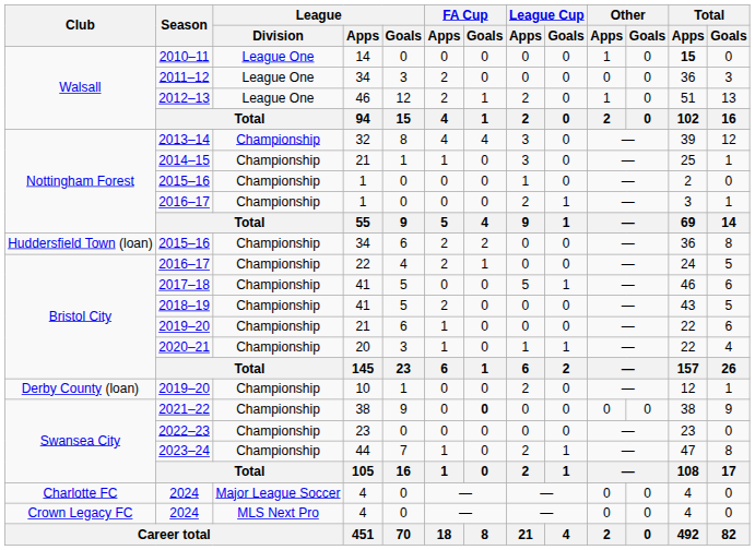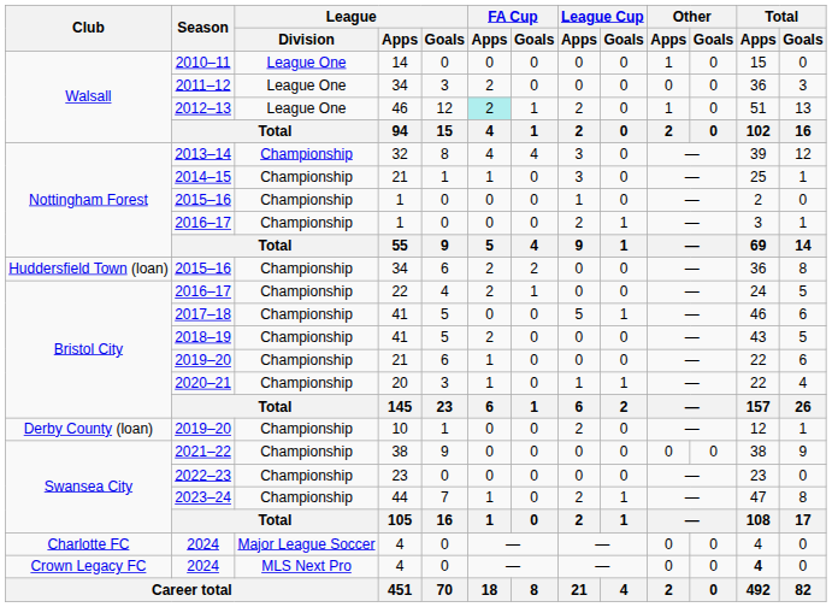 <table class=wikitable style="text-align:center">
 <tr>
 <th rowspan=2>Club</th>
 <th rowspan=2>Season</th>
 <th colspan=3>League</th>
 <th colspan=2><a href='#'>FA Cup</a></th>
 <th colspan=2><a href='#'>League Cup</a></th>
 <th colspan=2>Other</th>
 <th colspan=2>Total</th>
 </tr>
 <tr>
 <th>Division</th>
 <th>Apps</th>
 <th>Goals</th>
 <th>Apps</th>
 <th>Goals</th>
 <th>Apps</th>
 <th>Goals</th>
 <th>Apps</th>
 <th>Goals</th>
 <th>Apps</th>
 <th>Goals</th>
 </tr>
 <tr>
 <td rowspan="4"><a href='#'>Walsall</a></td>
 <td><a href='#'>2010–11</a></td>
 <td><a href='#'>League One</a></td>
 <td>14</td>
 <td>0</td>
 <td>0</td>
 <td>0</td>
 <td>0</td>
 <td>0</td>
 <td>1</td>
 <td>0</td>
-<td><strong>15</strong></td>
+<td>15</td>
 <td>0</td>
 </tr>
 <tr>
 <td><a href='#'>2011–12</a></td>
 <td>League One</td>
 <td>34</td>
 <td>3</td>
 <td>2</td>
 <td>0</td>
 <td>0</td>
 <td>0</td>
 <td>0</td>
 <td>0</td>
 <td>36</td>
 <td>3</td>
 </tr>
 <tr>
 <td><a href='#'>2012–13</a></td>
 <td>League One</td>
 <td>46</td>
 <td>12</td>
-<td>2</td>
+<td style="background: paleturquoise;">2</td>
 <td>1</td>
 <td>2</td>
 <td>0</td>
 <td>1</td>
 <td>0</td>
 <td>51</td>
 <td>13</td>
 </tr>
 <tr>
 <th colspan="2">Total</th>
 <th>94</th>
 <th>15</th>
 <th>4</th>
 <th>1</th>
 <th>2</th>
 <th>0</th>
 <th>2</th>
 <th>0</th>
 <th>102</th>
 <th>16</th>
 </tr>
 <tr>
 <td rowspan="5"><a href='#'>Nottingham Forest</a></td>
 <td><a href='#'>2013–14</a></td>
 <td><a href='#'>Championship</a></td>
 <td>32</td>
 <td>8</td>
 <td>4</td>
 <td>4</td>
 <td>3</td>
 <td>0</td>
 <td colspan="2">—</td>
 <td>39</td>
 <td>12</td>
 </tr>
 <tr>
 <td><a href='#'>2014–15</a></td>
 <td>Championship</td>
 <td>21</td>
 <td>1</td>
 <td>1</td>
 <td>0</td>
 <td>3</td>
 <td>0</td>
 <td colspan="2">—</td>
 <td>25</td>
 <td>1</td>
 </tr>
 <tr>
 <td><a href='#'>2015–16</a></td>
 <td>Championship</td>
 <td>1</td>
 <td>0</td>
 <td>0</td>
 <td>0</td>
 <td>1</td>
 <td>0</td>
 <td colspan="2">—</td>
 <td>2</td>
 <td>0</td>
 </tr>
 <tr>
 <td><a href='#'>2016–17</a></td>
 <td>Championship</td>
 <td>1</td>
 <td>0</td>
 <td>0</td>
 <td>0</td>
 <td>2</td>
 <td>1</td>
 <td colspan="2">—</td>
 <td>3</td>
 <td>1</td>
 </tr>
 <tr>
 <th colspan="2">Total</th>
 <th>55</th>
 <th>9</th>
 <th>5</th>
 <th>4</th>
 <th>9</th>
 <th>1</th>
 <th colspan="2">—</th>
 <th>69</th>
 <th>14</th>
 </tr>
 <tr>
 <td><a href='#'>Huddersfield Town</a> (loan)</td>
 <td><a href='#'>2015–16</a></td>
 <td>Championship</td>
 <td>34</td>
 <td>6</td>
 <td>2</td>
 <td>2</td>
 <td>0</td>
 <td>0</td>
 <td colspan="2">—</td>
 <td>36</td>
 <td>8</td>
 </tr>
 <tr>
 <td rowspan="6"><a href='#'>Bristol City</a></td>
 <td><a href='#'>2016–17</a></td>
 <td>Championship</td>
 <td>22</td>
 <td>4</td>
 <td>2</td>
 <td>1</td>
 <td>0</td>
 <td>0</td>
 <td colspan="2">—</td>
 <td>24</td>
 <td>5</td>
 </tr>
 <tr>
 <td><a href='#'>2017–18</a></td>
 <td>Championship</td>
 <td>41</td>
 <td>5</td>
 <td>0</td>
 <td>0</td>
 <td>5</td>
 <td>1</td>
 <td colspan="2">—</td>
 <td>46</td>
 <td>6</td>
 </tr>
 <tr>
 <td><a href='#'>2018–19</a></td>
 <td>Championship</td>
 <td>41</td>
 <td>5</td>
 <td>2</td>
 <td>0</td>
 <td>0</td>
 <td>0</td>
 <td colspan="2">—</td>
 <td>43</td>
 <td>5</td>
 </tr>
 <tr>
 <td><a href='#'>2019–20</a></td>
 <td>Championship</td>
 <td>21</td>
 <td>6</td>
 <td>1</td>
 <td>0</td>
 <td>0</td>
 <td>0</td>
 <td colspan="2">—</td>
 <td>22</td>
 <td>6</td>
 </tr>
 <tr>
 <td><a href='#'>2020–21</a></td>
 <td>Championship</td>
 <td>20</td>
 <td>3</td>
 <td>1</td>
 <td>0</td>
 <td>1</td>
 <td>1</td>
 <td colspan="2">—</td>
 <td>22</td>
 <td>4</td>
 </tr>
 <tr>
 <th colspan="2">Total</th>
 <th>145</th>
 <th>23</th>
 <th>6</th>
 <th>1</th>
 <th>6</th>
 <th>2</th>
 <th colspan="2">—</th>
 <th>157</th>
 <th>26</th>
 </tr>
 <tr>
 <td><a href='#'>Derby County</a> (loan)</td>
 <td><a href='#'>2019–20</a></td>
 <td>Championship</td>
 <td>10</td>
 <td>1</td>
 <td>0</td>
 <td>0</td>
 <td>2</td>
 <td>0</td>
 <td colspan="2">—</td>
 <td>12</td>
 <td>1</td>
 </tr>
 <tr>
 <td rowspan="4"><a href='#'>Swansea City</a></td>
 <td><a href='#'>2021–22</a></td>
 <td>Championship</td>
 <td>38</td>
 <td>9</td>
 <td>0</td>
-<td><strong>0</strong></td>
+<td>0</td>
 <td>0</td>
 <td>0</td>
 <td>0</td>
 <td>0</td>
 <td>38</td>
 <td>9</td>
 </tr>
 <tr>
 <td><a href='#'>2022–23</a></td>
 <td>Championship</td>
 <td>23</td>
 <td>0</td>
 <td>0</td>
 <td>0</td>
 <td>0</td>
 <td>0</td>
 <td colspan="2">—</td>
 <td>23</td>
 <td>0</td>
 </tr>
 <tr>
 <td><a href='#'>2023–24</a></td>
 <td>Championship</td>
 <td>44</td>
 <td>7</td>
 <td>1</td>
 <td>0</td>
 <td>2</td>
 <td>1</td>
 <td colspan="2">—</td>
 <td>47</td>
 <td>8</td>
 </tr>
 <tr>
 <th colspan="2">Total</th>
 <th>105</th>
 <th>16</th>
 <th>1</th>
 <th>0</th>
 <th>2</th>
 <th>1</th>
 <th colspan="2">—</th>
 <th>108</th>
 <th>17</th>
 </tr>
 <tr>
 <td><a href='#'>Charlotte FC</a></td>
 <td><a href='#'>2024</a></td>
 <td><a href='#'>Major League Soccer</a></td>
 <td>4</td>
 <td>0</td>
 <td colspan="2">—</td>
 <td colspan="2">—</td>
 <td>0</td>
 <td>0</td>
 <td>4</td>
 <td>0</td>
 </tr>
 <tr>
 <td><a href='#'>Crown Legacy FC</a></td>
 <td><a href='#'>2024</a></td>
 <td><a href='#'>MLS Next Pro</a></td>
 <td>4</td>
 <td>0</td>
 <td colspan="2">—</td>
 <td colspan="2">—</td>
 <td>0</td>
 <td>0</td>
-<td>4</td>
+<td><strong>4</strong></td>
 <td>0</td>
 </tr>
 <tr>
 <th colspan="3">Career total</th>
 <th>451</th>
 <th>70</th>
 <th>18</th>
 <th>8</th>
 <th>21</th>
 <th>4</th>
 <th>2</th>
 <th>0</th>
 <th>492</th>
 <th>82</th>
 </tr>
 </table>
